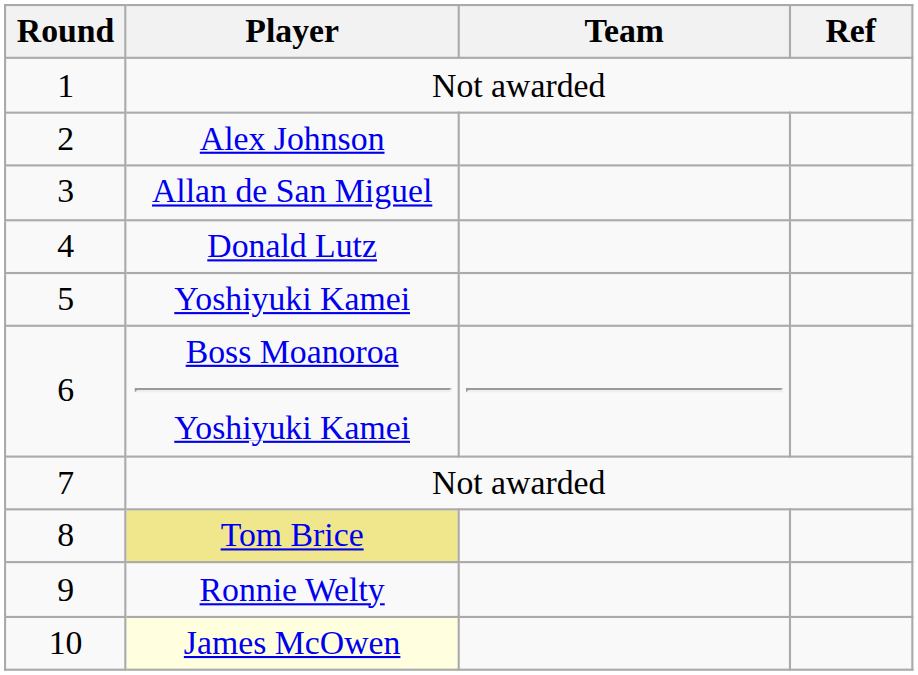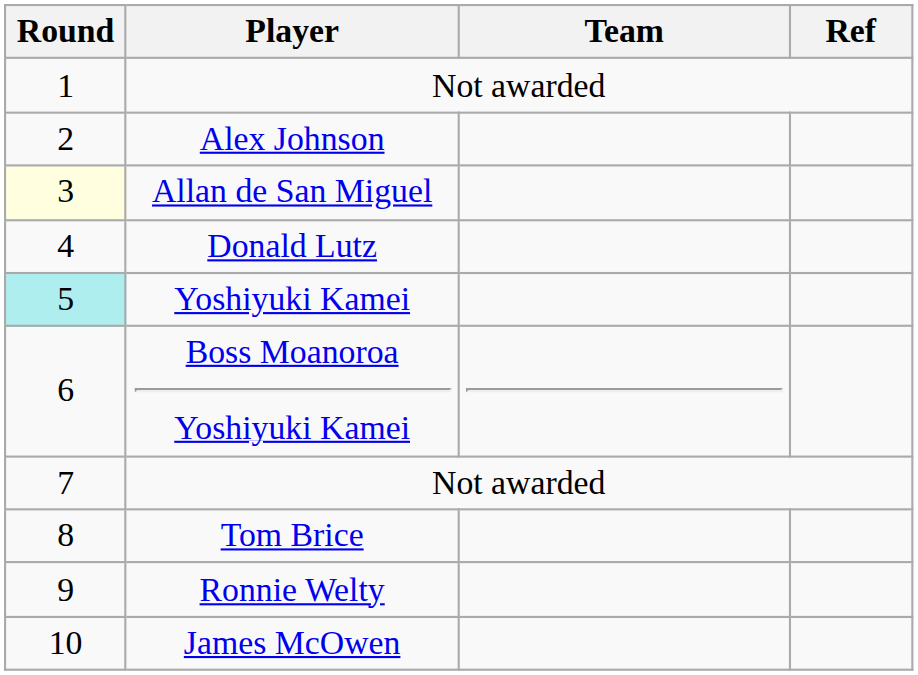 <table class="wikitable" style="text-align:center;">
 <tr>
 <th scope="col" width=50>Round</th>
 <th scope="col" width=150>Player</th>
 <th scope="col" width=150>Team</th>
 <th scope="col" width=50>Ref</th>
 </tr>
 <tr>
 <td>1</td>
 <td colspan=3>Not awarded</td>
 </tr>
 <tr>
 <td>2</td>
 <td><a href='#'>Alex Johnson</a></td>
 <td></td>
 <td></td>
 </tr>
 <tr>
-<td>3</td>
+<td style="background: lightyellow;">3</td>
 <td><a href='#'>Allan de San Miguel</a></td>
 <td></td>
 <td></td>
 </tr>
 <tr>
 <td>4</td>
 <td><a href='#'>Donald Lutz</a></td>
 <td></td>
 <td></td>
 </tr>
 <tr>
-<td>5</td>
+<td style="background: paleturquoise;">5</td>
 <td><a href='#'>Yoshiyuki Kamei</a></td>
 <td></td>
 <td></td>
 </tr>
 <tr>
 <td>6</td>
 <td><div><a href='#'>Boss Moanoroa</a></div><hr><div><a href='#'>Yoshiyuki Kamei</a></div></td>
 <td><div></div><hr><div></div></td>
 <td></td>
 </tr>
 <tr>
 <td>7</td>
 <td colspan=3>Not awarded</td>
 </tr>
 <tr>
 <td>8</td>
-<td style="background: khaki;"><a href='#'>Tom Brice</a></td>
+<td><a href='#'>Tom Brice</a></td>
 <td></td>
 <td></td>
 </tr>
 <tr>
 <td>9</td>
 <td><a href='#'>Ronnie Welty</a></td>
 <td></td>
 <td></td>
 </tr>
 <tr>
 <td>10</td>
-<td style="background: lightyellow;"><a href='#'>James McOwen</a></td>
+<td><a href='#'>James McOwen</a></td>
 <td></td>
 <td></td>
 </tr>
 </table>
